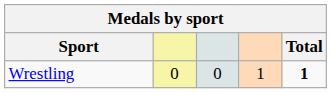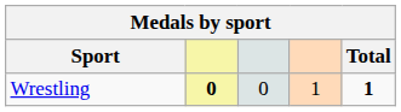 <table class="wikitable" style="font-size:90%; text-align:center;">
 <tr>
 <th colspan="5">Medals by sport</th>
 </tr>
 <tr>
 <th width="120">Sport</th>
 <th scope="col" width="30" style="background:#F7F6A8;"></th>
 <th scope="col" width="30" style="background:#DCE5E5;"></th>
 <th scope="col" width="30" style="background:#FFDAB9;"></th>
 <th width="30">Total</th>
 </tr>
 <tr>
 <td align="left"><a href='#'>Wrestling</a></td>
-<td style="background:#F7F6A8;">0</td>
+<td style="background:#F7F6A8;"><strong>0</strong></td>
 <td style="background:#DCE5E5;">0</td>
 <td style="background:#FFDAB9;">1</td>
 <td><strong>1</strong></td>
 </tr>
 </table>
